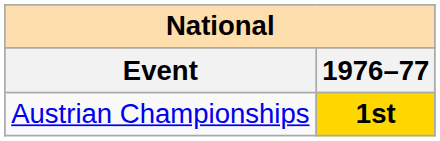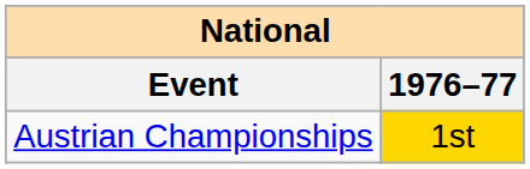 <table class="wikitable" style="text-align:center">
 <tr>
 <th style="background-color: #ffdead; " colspan=2 align=center>National</th>
 </tr>
 <tr>
 <th>Event</th>
 <th>1976–77</th>
 </tr>
 <tr>
 <td align=left><a href='#'>Austrian Championships</a></td>
-<td bgcolor=gold><strong>1st</strong></td>
+<td bgcolor=gold>1st</td>
 </tr>
 </table>
